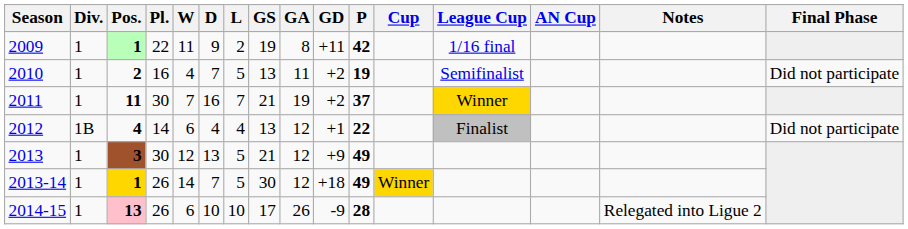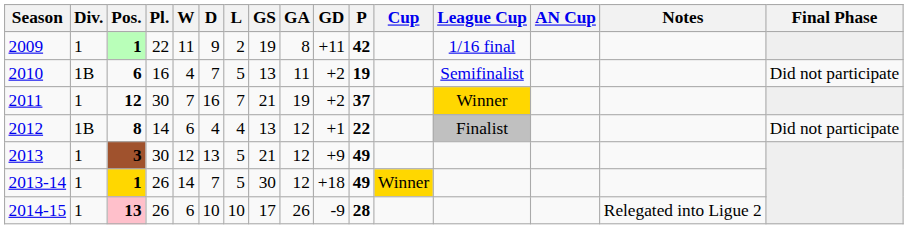 <table class="wikitable">
 <tr style="background:#efefef;">
 <th>Season</th>
 <th>Div.</th>
 <th>Pos.</th>
 <th>Pl.</th>
 <th>W</th>
 <th>D</th>
 <th>L</th>
 <th>GS</th>
 <th>GA</th>
 <th>GD</th>
 <th>P</th>
 <th><a href='#'>Cup</a></th>
 <th><a href='#'>League Cup</a></th>
 <th><a href='#'>AN Cup</a></th>
 <th>Notes</th>
 <th>Final Phase</th>
 </tr>
 <tr>
 <td><a href='#'>2009</a></td>
 <td>1</td>
 <td align=right bgcolor=#B9FFB9><strong>1</strong></td>
 <td align=right>22</td>
 <td align=right>11</td>
 <td align=right>9</td>
 <td align=right>2</td>
 <td align=right>19</td>
 <td align=right>8</td>
 <td align=right>+11</td>
 <td align=right><strong>42</strong></td>
 <td></td>
 <td align=center><a href='#'>1/16 final</a></td>
 <td></td>
 <td></td>
 <td bgcolor=#EFEFEF></td>
 </tr>
 <tr>
 <td><a href='#'>2010</a></td>
-<td>1</td>
-<td align=right><strong>2</strong></td>
+<td>1B</td>
+<td align=right><strong>6</strong></td>
 <td align=right>16</td>
 <td align=right>4</td>
 <td align=right>7</td>
 <td align=right>5</td>
 <td align=right>13</td>
 <td align=right>11</td>
 <td align=right>+2</td>
 <td align=right><strong>19</strong></td>
 <td></td>
 <td align=center><a href='#'>Semifinalist</a></td>
 <td></td>
 <td></td>
 <td>Did not participate</td>
 </tr>
 <tr>
 <td><a href='#'>2011</a></td>
 <td>1</td>
-<td align=right><strong>11</strong></td>
+<td align=right><strong>12</strong></td>
 <td align=right>30</td>
 <td align=right>7</td>
 <td align=right>16</td>
 <td align=right>7</td>
 <td align=right>21</td>
 <td align=right>19</td>
 <td align=right>+2</td>
 <td align=right><strong>37</strong></td>
 <td></td>
 <td bgcolor=gold align=center>Winner</td>
 <td></td>
 <td></td>
 <td bgcolor=#efefef></td>
 </tr>
 <tr>
 <td><a href='#'>2012</a></td>
 <td>1B</td>
-<td align=right><strong>4</strong></td>
+<td align=right><strong>8</strong></td>
 <td align=right>14</td>
 <td align=right>6</td>
 <td align=right>4</td>
 <td align=right>4</td>
 <td align=right>13</td>
 <td align=right>12</td>
 <td align=right>+1</td>
 <td align=right><strong>22</strong></td>
 <td></td>
 <td align=center bgcolor=silver>Finalist</td>
 <td></td>
 <td></td>
 <td>Did not participate</td>
 </tr>
 <tr>
 <td><a href='#'>2013</a></td>
 <td>1</td>
 <td align=right bgcolor=sienna><strong>3</strong></td>
 <td align=right>30</td>
 <td align=right>12</td>
 <td align=right>13</td>
 <td align=right>5</td>
 <td align=right>21</td>
 <td align=right>12</td>
 <td align=right>+9</td>
 <td align=right><strong>49</strong></td>
 <td></td>
 <td></td>
 <td></td>
 <td></td>
 <td rowspan="3" bgcolor=#EFEFEF></td>
 </tr>
 <tr>
 <td><a href='#'>2013-14</a></td>
 <td>1</td>
 <td align=right bgcolor=gold><strong>1</strong></td>
 <td align=right>26</td>
 <td align=right>14</td>
 <td align=right>7</td>
 <td align=right>5</td>
 <td align=right>30</td>
 <td align=right>12</td>
 <td align=right>+18</td>
 <td align=right><strong>49</strong></td>
 <td bgcolor=gold>Winner</td>
 <td></td>
 <td></td>
 </tr>
 <tr>
 <td><a href='#'>2014-15</a></td>
 <td>1</td>
 <td align=right bgcolor="#FFC0CB"><strong>13</strong></td>
 <td align=right>26</td>
 <td align=right>6</td>
 <td align=right>10</td>
 <td align=right>10</td>
 <td align=right>17</td>
 <td align=right>26</td>
 <td align=right>-9</td>
 <td align=right><strong>28</strong></td>
 <td></td>
 <td></td>
 <td></td>
 <td>Relegated into Ligue 2</td>
 </tr>
 </table>
